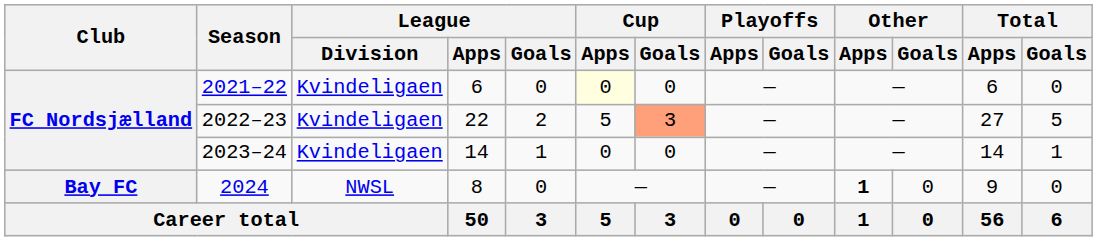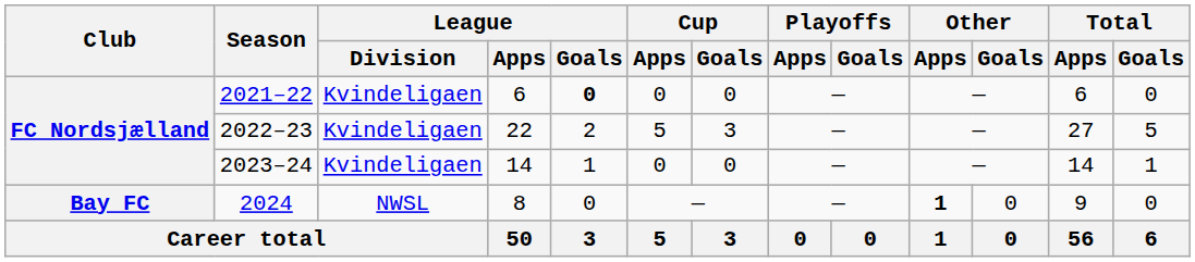 <table class="wikitable" style="text-align:center;">
 <tr>
 <th scope="col" rowspan="2">Club</th>
 <th scope="col" rowspan="2">Season</th>
 <th scope="col" colspan="3">League</th>
 <th scope="col" colspan="2">Cup</th>
 <th scope="col" colspan="2">Playoffs</th>
 <th scope="col" colspan="2">Other</th>
 <th scope="col" colspan="2">Total</th>
 </tr>
 <tr>
 <th scope="col">Division</th>
 <th scope="col">Apps</th>
 <th scope="col">Goals</th>
 <th scope="col">Apps</th>
 <th scope="col">Goals</th>
 <th scope="col">Apps</th>
 <th scope="col">Goals</th>
 <th scope="col">Apps</th>
 <th scope="col">Goals</th>
 <th scope="col">Apps</th>
 <th scope="col">Goals</th>
 </tr>
 <tr>
 <th scope="row" rowspan="3"><a href='#'>FC Nordsjælland</a></th>
 <td><a href='#'>2021–22</a></td>
 <td><a href='#'>Kvindeligaen</a></td>
 <td>6</td>
+<td><strong>0</strong></td>
 <td>0</td>
-<td style="background: lightyellow;">0</td>
 <td>0</td>
 <td colspan="2">—</td>
 <td colspan="2">—</td>
 <td>6</td>
 <td>0</td>
 </tr>
 <tr>
 <td>2022–23</td>
 <td><a href='#'>Kvindeligaen</a></td>
 <td>22</td>
 <td>2</td>
 <td>5</td>
-<td style="background: lightsalmon;">3</td>
+<td>3</td>
 <td colspan="2">—</td>
 <td colspan="2">—</td>
 <td>27</td>
 <td>5</td>
 </tr>
 <tr>
 <td>2023–24</td>
 <td><a href='#'>Kvindeligaen</a></td>
 <td>14</td>
 <td>1</td>
 <td>0</td>
 <td>0</td>
 <td colspan="2">—</td>
 <td colspan="2">—</td>
 <td>14</td>
 <td>1</td>
 </tr>
 <tr>
 <th scope="row"><a href='#'>Bay FC</a></th>
 <td><a href='#'>2024</a></td>
 <td><a href='#'>NWSL</a></td>
 <td>8</td>
 <td>0</td>
 <td colspan="2">—</td>
 <td colspan="2">—</td>
 <td><strong>1</strong></td>
 <td>0</td>
 <td>9</td>
 <td>0</td>
 </tr>
 <tr>
 <th scope="row" colspan="3">Career total</th>
 <th>50</th>
 <th>3</th>
 <th>5</th>
 <th>3</th>
 <th>0</th>
 <th>0</th>
 <th>1</th>
 <th>0</th>
 <th>56</th>
 <th>6</th>
 </tr>
 </table>
